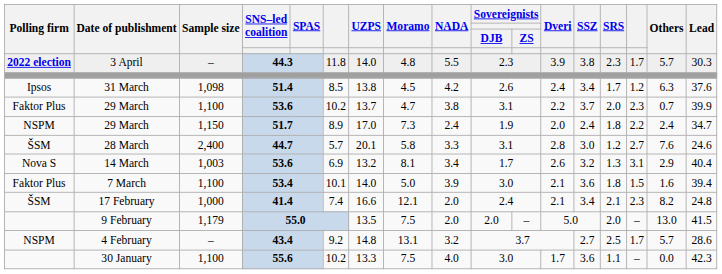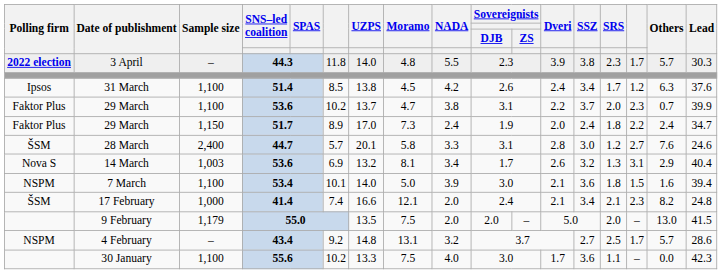 <table class="wikitable" style="text-align:center; font-size:85%; line-height:16px; margin-bottom:0">
 <tr>
 <th rowspan="4">Polling firm</th>
 <th rowspan="4">Date of publishment</th>
 <th rowspan="4">Sample size</th>
 <th rowspan="3"><a href='#'>SNS–led<br>coalition</a></th>
 <th rowspan="3"><a href='#'>SPAS</a></th>
 <th rowspan="3"></th>
 <th rowspan="3"><a href='#'>UZPS</a></th>
 <th rowspan="3"><a href='#'>Moramo</a></th>
 <th rowspan="3"><a href='#'>NADA</a></th>
 <th colspan="2"><a href='#'>Sovereignists</a></th>
 <th rowspan="3"><a href='#'>Dveri</a></th>
 <th rowspan="3"><a href='#'>SSZ</a></th>
 <th rowspan="3"><a href='#'>SRS</a></th>
 <th rowspan="3"></th>
 <th rowspan="4">Others</th>
 <th rowspan="4">Lead</th>
 </tr>
 <tr>
 <th colspan="2" style="background:"></th>
 </tr>
 <tr>
 <th><a href='#'>DJB</a></th>
 <th><a href='#'>ZS</a></th>
 </tr>
 <tr>
 <th style="background:"></th>
 <th style="background:"></th>
 <th style="background:"></th>
 <th style="background:"></th>
 <th style="background:"></th>
 <th style="background:"></th>
 <th style="background:"></th>
 <th style="background:"></th>
 <th style="background:"></th>
 <th style="background:"></th>
 <th style="background:"></th>
 <th style="background:"></th>
 </tr>
 <tr style="background:#EFEFEF">
 <td><strong><a href='#'>2022 election</a></strong></td>
 <td>3 April</td>
 <td>–</td>
 <td colspan="2" style="background:#C8D9EC"><strong>44.3</strong></td>
 <td>11.8</td>
 <td>14.0</td>
 <td>4.8</td>
 <td>5.5</td>
 <td colspan="2">2.3</td>
 <td>3.9</td>
 <td>3.8</td>
 <td>2.3</td>
 <td>1.7</td>
 <td>5.7</td>
 <td style="background:">30.3</td>
 </tr>
 <tr>
 <td colspan="23" style="background:#A0A0A0"></td>
 </tr>
 <tr>
 <td>Ipsos</td>
 <td>31 March</td>
-<td>1,098</td>
+<td>1,100</td>
 <td colspan="2" style="background:#C8D9EC"><strong>51.4</strong></td>
 <td>8.5</td>
 <td>13.8</td>
 <td>4.5</td>
 <td>4.2</td>
 <td colspan="2">2.6</td>
 <td>2.4</td>
 <td>3.4</td>
 <td>1.7</td>
 <td>1.2</td>
 <td>6.3</td>
 <td style="background:">37.6</td>
 </tr>
 <tr>
 <td>Faktor Plus</td>
 <td>29 March</td>
 <td>1,100</td>
 <td colspan="2" style="background:#C8D9EC"><strong>53.6</strong></td>
 <td>10.2</td>
 <td>13.7</td>
 <td>4.7</td>
 <td>3.8</td>
 <td colspan="2">3.1</td>
 <td>2.2</td>
 <td>3.7</td>
 <td>2.0</td>
 <td>2.3</td>
 <td>0.7</td>
 <td style="background:">39.9</td>
 </tr>
 <tr>
-<td>NSPM</td>
+<td>Faktor Plus</td>
 <td>29 March</td>
 <td>1,150</td>
 <td colspan="2" style="background:#C8D9EC"><strong>51.7</strong></td>
 <td>8.9</td>
 <td>17.0</td>
 <td>7.3</td>
 <td>2.4</td>
 <td colspan="2">1.9</td>
 <td>2.0</td>
 <td>2.4</td>
 <td>1.8</td>
 <td>2.2</td>
 <td>2.4</td>
 <td style="background:">34.7</td>
 </tr>
 <tr>
 <td>ŠSM</td>
 <td>28 March</td>
 <td>2,400</td>
 <td colspan="2" style="background:#C8D9EC"><strong>44.7</strong></td>
 <td>5.7</td>
 <td>20.1</td>
 <td>5.8</td>
 <td>3.3</td>
 <td colspan="2">3.1</td>
 <td>2.8</td>
 <td>3.0</td>
 <td>1.2</td>
 <td>2.7</td>
 <td>7.6</td>
 <td style="background:">24.6</td>
 </tr>
 <tr>
 <td>Nova S</td>
 <td>14 March</td>
 <td>1,003</td>
 <td colspan="2" style="background:#C8D9EC"><strong>53.6</strong></td>
 <td>6.9</td>
 <td>13.2</td>
 <td>8.1</td>
 <td>3.4</td>
 <td colspan="2">1.7</td>
 <td>2.6</td>
 <td>3.2</td>
 <td>1.3</td>
 <td>3.1</td>
 <td>2.9</td>
 <td style="background:">40.4</td>
 </tr>
 <tr>
-<td>Faktor Plus</td>
+<td>NSPM</td>
 <td>7 March</td>
 <td>1,100</td>
 <td colspan="2" style="background:#C8D9EC"><strong>53.4</strong></td>
 <td>10.1</td>
 <td>14.0</td>
 <td>5.0</td>
 <td>3.9</td>
 <td colspan="2">3.0</td>
 <td>2.1</td>
 <td>3.6</td>
 <td>1.8</td>
 <td>1.5</td>
 <td>1.6</td>
 <td style="background:">39.4</td>
 </tr>
 <tr>
 <td>ŠSM</td>
 <td>17 February</td>
 <td>1,000</td>
 <td colspan="2" style="background:#C8D9EC"><strong>41.4</strong></td>
 <td>7.4</td>
 <td>16.6</td>
 <td>12.1</td>
 <td>2.0</td>
 <td colspan="2">2.4</td>
 <td>2.1</td>
 <td>3.4</td>
 <td>2.1</td>
 <td>2.3</td>
 <td>8.2</td>
 <td style="background:">24.8</td>
 </tr>
 <tr>
 <td></td>
 <td>9 February</td>
 <td>1,179</td>
 <td colspan="3" style="background:#C8D9EC"><strong>55.0</strong></td>
 <td>13.5</td>
 <td>7.5</td>
 <td>2.0</td>
 <td>2.0</td>
 <td>–</td>
 <td colspan="2">5.0</td>
 <td>2.0</td>
 <td>–</td>
 <td>13.0</td>
 <td style="background:">41.5</td>
 </tr>
 <tr>
 <td>NSPM</td>
 <td>4 February</td>
 <td>–</td>
 <td colspan="2" style="background:#C8D9EC"><strong>43.4</strong></td>
 <td>9.2</td>
 <td>14.8</td>
 <td>13.1</td>
 <td>3.2</td>
 <td colspan="3">3.7</td>
 <td>2.7</td>
 <td>2.5</td>
 <td>1.7</td>
 <td>5.7</td>
 <td style="background:">28.6</td>
 </tr>
 <tr>
 <td></td>
 <td>30 January</td>
 <td>1,100</td>
 <td colspan="2" style="background:#C8D9EC"><strong>55.6</strong></td>
 <td>10.2</td>
 <td>13.3</td>
 <td>7.5</td>
 <td>4.0</td>
 <td colspan="2">3.0</td>
 <td>1.7</td>
 <td>3.6</td>
 <td>1.1</td>
 <td>–</td>
 <td>0.0</td>
 <td style="background:">42.3</td>
 </tr>
 </table>
